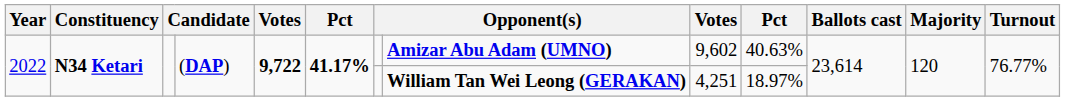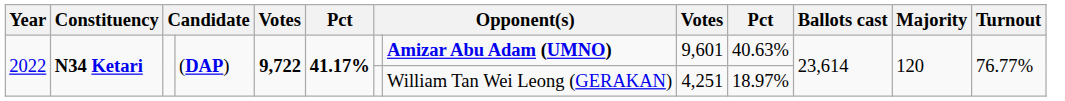 <table class="wikitable" style="margin:0.5em ; font-size:95%">
 <tr>
 <th>Year</th>
 <th>Constituency</th>
 <th colspan=2>Candidate</th>
 <th>Votes</th>
 <th>Pct</th>
 <th colspan=2>Opponent(s)</th>
 <th>Votes</th>
 <th>Pct</th>
 <th>Ballots cast</th>
 <th>Majority</th>
 <th>Turnout</th>
 </tr>
 <tr>
 <td rowspan="2"><a href='#'>2022</a></td>
 <td rowspan="2"><strong>N34 <a href='#'>Ketari</a></strong></td>
 <td rowspan="2" ></td>
 <td rowspan="2"> (<a href='#'><strong>DAP</strong></a>)</td>
 <td rowspan="2" align="right"><strong>9,722</strong></td>
 <td rowspan="2"><strong>41.17% </strong></td>
 <td></td>
 <td><strong><a href='#'>Amizar Abu Adam</a> (<a href='#'>UMNO</a>)</strong></td>
-<td align="right">9,602</td>
+<td align="right">9,601</td>
 <td>40.63%</td>
 <td rowspan="2">23,614</td>
 <td rowspan="2">120</td>
 <td rowspan="2">76.77%</td>
 </tr>
 <tr>
 <td bgcolor=></td>
-<td><strong>William Tan Wei Leong (<a href='#'>GERAKAN</a>)</strong></td>
+<td>William Tan Wei Leong (<a href='#'>GERAKAN</a>)</td>
 <td align="right">4,251</td>
 <td>18.97%</td>
 </tr>
 </table>
